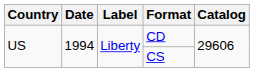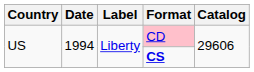 <table class="wikitable">
 <tr>
 <th>Country</th>
 <th>Date</th>
 <th>Label</th>
 <th>Format</th>
 <th>Catalog</th>
 </tr>
 <tr>
 <td rowspan="2">US</td>
 <td rowspan="2">1994</td>
 <td rowspan="2"><a href='#'>Liberty</a></td>
-<td><a href='#'>CD</a></td>
+<td style="background: pink;"><a href='#'>CD</a></td>
 <td rowspan="2">29606</td>
 </tr>
 <tr>
-<td><a href='#'>CS</a></td>
+<td><strong><a href='#'>CS</a></strong></td>
 </tr>
 </table>
